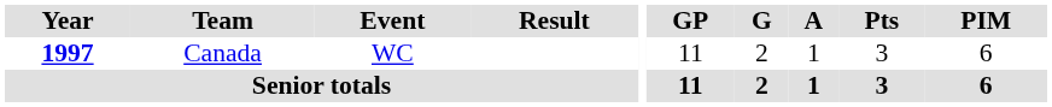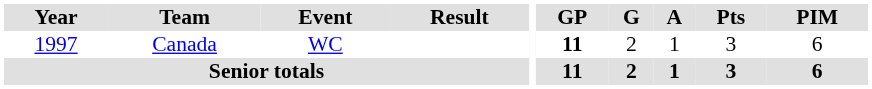 <table border="0" cellpadding="1" cellspacing="0" style="text-align:center; width:40em">
 <tr bgcolor="#e0e0e0">
 <th>Year</th>
 <th>Team</th>
 <th>Event</th>
 <th>Result</th>
 <th rowspan="99" bgcolor="#ffffff"></th>
 <th>GP</th>
 <th>G</th>
 <th>A</th>
 <th>Pts</th>
 <th>PIM</th>
 </tr>
 <tr>
-<td><strong><a href='#'>1997</a></strong></td>
+<td><a href='#'>1997</a></td>
 <td><a href='#'>Canada</a></td>
 <td><a href='#'>WC</a></td>
 <td></td>
-<td>11</td>
+<td><strong>11</strong></td>
 <td>2</td>
 <td>1</td>
 <td>3</td>
 <td>6</td>
 </tr>
 <tr bgcolor="#e0e0e0">
 <th colspan="4">Senior totals</th>
 <th>11</th>
 <th>2</th>
 <th>1</th>
 <th>3</th>
 <th>6</th>
 </tr>
 </table>
